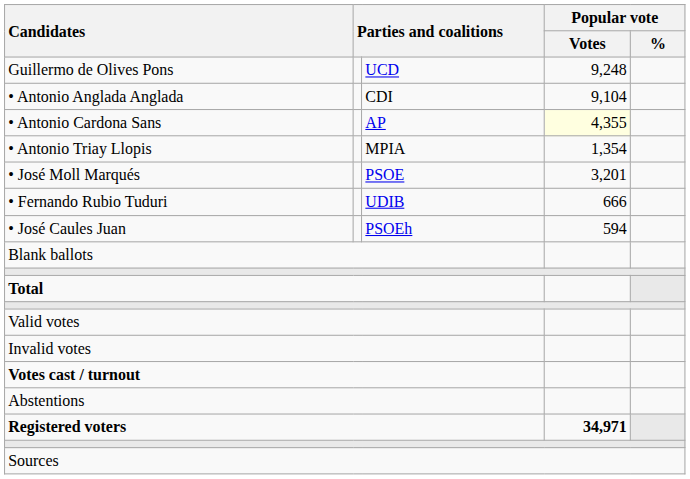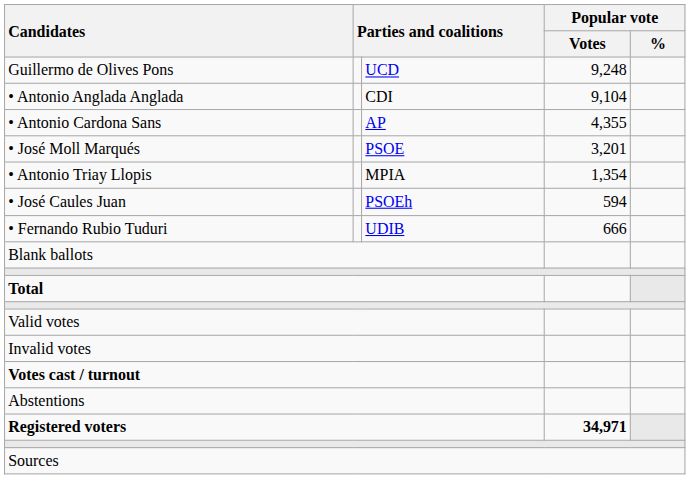 <table class="wikitable" style="text-align:right; font-size:95%;">
 <tr>
 <th style="text-align:left;" rowspan="2" width="325">Candidates</th>
 <th style="text-align:left;" rowspan="2" colspan="2" width="175">Parties and coalitions</th>
 <th colspan="2">Popular vote</th>
 </tr>
 <tr>
 <th width="75">Votes</th>
 <th width="45">%</th>
 </tr>
 <tr>
 <td align="left"> Guillermo de Olives Pons</td>
 <td width="1" style="color:inherit;background:"></td>
 <td align="left"><a href='#'>UCD</a></td>
 <td>9,248</td>
 <td></td>
 </tr>
 <tr>
 <td align="left">• Antonio Anglada Anglada</td>
 <td style="color:inherit;background:"></td>
 <td align="left">CDI</td>
 <td>9,104</td>
 <td></td>
 </tr>
 <tr>
 <td align="left">• Antonio Cardona Sans</td>
 <td style="color:inherit;background:"></td>
 <td align="left"><a href='#'>AP</a></td>
-<td style="background: lightyellow;">4,355</td>
+<td>4,355</td>
+<td></td>
+</tr>
+<tr>
+<td align="left">• José Moll Marqués</td>
+<td style="color:inherit;background:"></td>
+<td align="left"><a href='#'>PSOE</a></td>
+<td>3,201</td>
 <td></td>
 </tr>
 <tr>
 <td align="left">• Antonio Triay Llopis</td>
 <td style="color:inherit;background:"></td>
 <td align="left">MPIA</td>
 <td>1,354</td>
 <td></td>
 </tr>
 <tr>
-<td align="left">• José Moll Marqués</td>
+<td align="left">• José Caules Juan</td>
 <td style="color:inherit;background:"></td>
-<td align="left"><a href='#'>PSOE</a></td>
-<td>3,201</td>
+<td align="left"><a href='#'>PSOEh</a></td>
+<td>594</td>
 <td></td>
 </tr>
 <tr>
 <td align="left">• Fernando Rubio Tuduri</td>
 <td style="color:inherit;background:"></td>
 <td align="left"><a href='#'>UDIB</a></td>
 <td>666</td>
-<td></td>
-</tr>
-<tr>
-<td align="left">• José Caules Juan</td>
-<td style="color:inherit;background:"></td>
-<td align="left"><a href='#'>PSOEh</a></td>
-<td>594</td>
 <td></td>
 </tr>
 <tr>
 <td align="left" colspan="3">Blank ballots</td>
 <td></td>
 <td></td>
 </tr>
 <tr>
 <td colspan="5" bgcolor="#E9E9E9"></td>
 </tr>
 <tr style="font-weight:bold;">
 <td align="left" colspan="3">Total</td>
 <td></td>
 <td bgcolor="#E9E9E9"></td>
 </tr>
 <tr>
 <td colspan="5" bgcolor="#E9E9E9"></td>
 </tr>
 <tr>
 <td align="left" colspan="3">Valid votes</td>
 <td></td>
 <td></td>
 </tr>
 <tr>
 <td align="left" colspan="3">Invalid votes</td>
 <td></td>
 <td></td>
 </tr>
 <tr style="font-weight:bold;">
 <td align="left" colspan="3">Votes cast / turnout</td>
 <td></td>
 <td></td>
 </tr>
 <tr>
 <td align="left" colspan="3">Abstentions</td>
 <td></td>
 <td></td>
 </tr>
 <tr style="font-weight:bold;">
 <td align="left" colspan="3">Registered voters</td>
 <td>34,971</td>
 <td bgcolor="#E9E9E9"></td>
 </tr>
 <tr>
 <td colspan="5" bgcolor="#E9E9E9"></td>
 </tr>
 <tr>
 <td align="left" colspan="5">Sources</td>
 </tr>
 </table>
